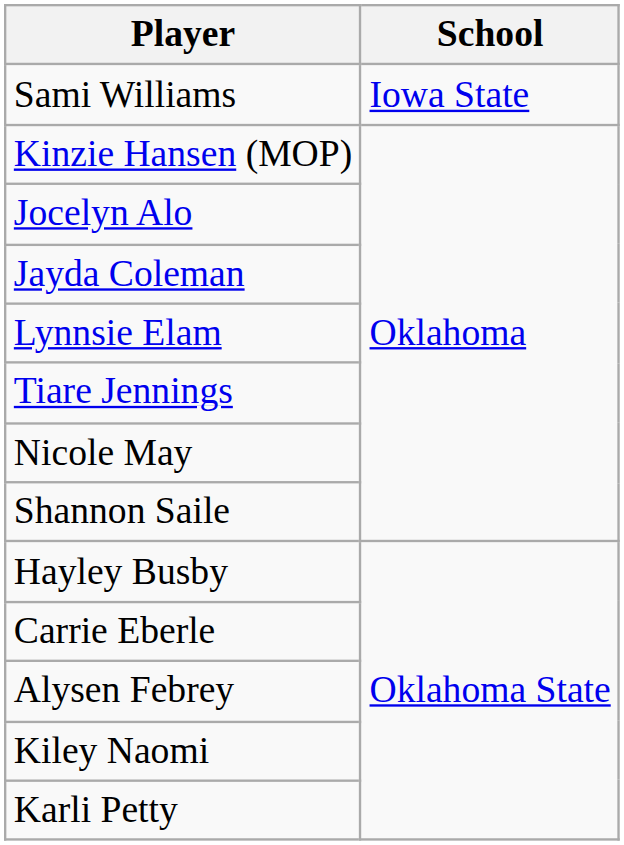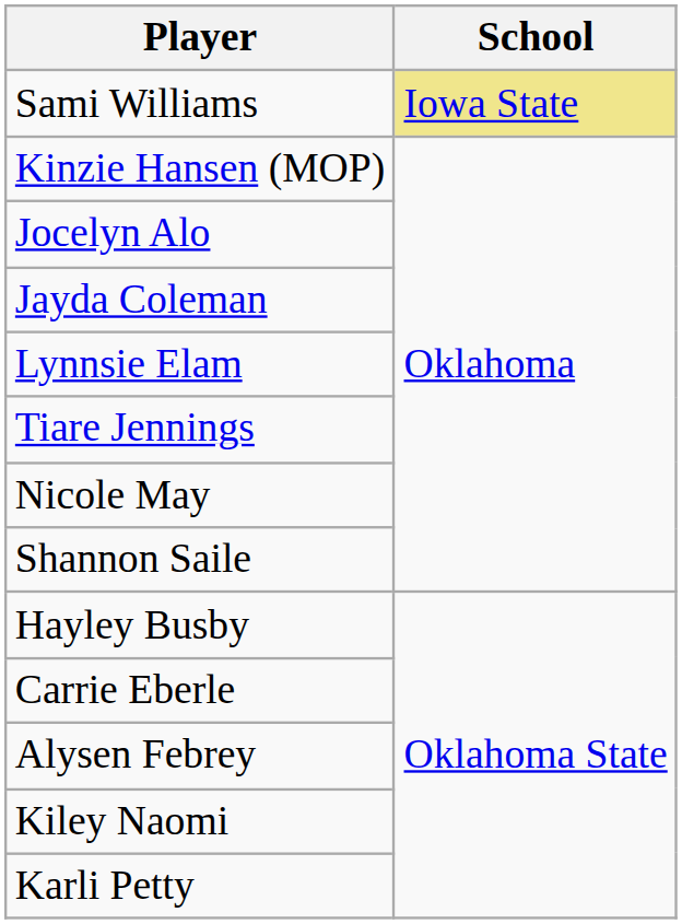 <table class="wikitable">
 <tr>
 <th>Player</th>
 <th>School</th>
 </tr>
 <tr>
 <td>Sami Williams</td>
-<td><a href='#'>Iowa State</a></td>
+<td style="background: khaki;"><a href='#'>Iowa State</a></td>
 </tr>
 <tr>
 <td><a href='#'>Kinzie Hansen</a> (MOP)</td>
 <td rowspan="7"><a href='#'>Oklahoma</a></td>
 </tr>
 <tr>
 <td><a href='#'>Jocelyn Alo</a></td>
 </tr>
 <tr>
 <td><a href='#'>Jayda Coleman</a></td>
 </tr>
 <tr>
 <td><a href='#'>Lynnsie Elam</a></td>
 </tr>
 <tr>
 <td><a href='#'>Tiare Jennings</a></td>
 </tr>
 <tr>
 <td>Nicole May</td>
 </tr>
 <tr>
 <td>Shannon Saile</td>
 </tr>
 <tr>
 <td>Hayley Busby</td>
 <td rowspan="5"><a href='#'>Oklahoma State</a></td>
 </tr>
 <tr>
 <td>Carrie Eberle</td>
 </tr>
 <tr>
 <td>Alysen Febrey</td>
 </tr>
 <tr>
 <td>Kiley Naomi</td>
 </tr>
 <tr>
 <td>Karli Petty</td>
 </tr>
 </table>
